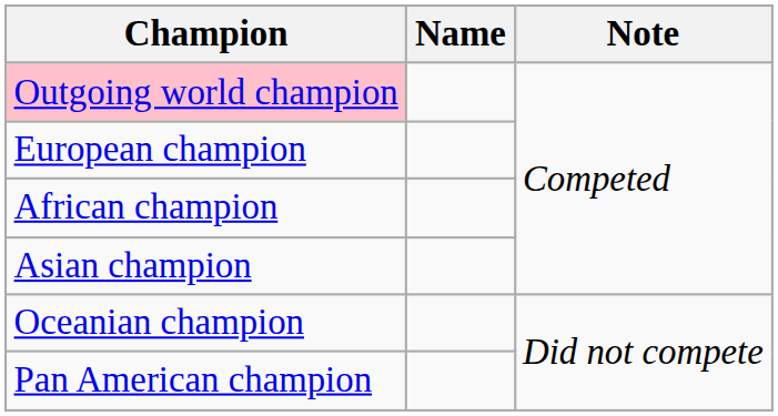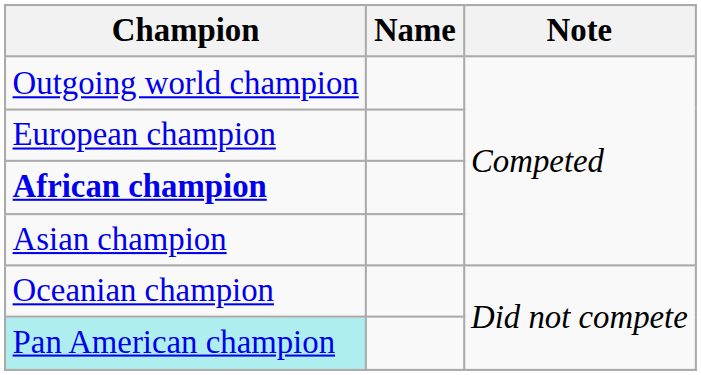 <table class="wikitable">
 <tr>
 <th>Champion</th>
 <th>Name</th>
 <th>Note</th>
 </tr>
 <tr>
-<td style="background: pink;"><a href='#'>Outgoing world champion</a></td>
+<td><a href='#'>Outgoing world champion</a></td>
 <td></td>
 <td rowspan=4><em>Competed</em></td>
 </tr>
 <tr>
 <td><a href='#'>European champion</a></td>
 <td></td>
 </tr>
 <tr>
-<td><a href='#'>African champion</a></td>
+<td><strong><a href='#'>African champion</a></strong></td>
 <td></td>
 </tr>
 <tr>
 <td><a href='#'>Asian champion</a></td>
 <td></td>
 </tr>
 <tr>
 <td><a href='#'>Oceanian champion</a></td>
 <td></td>
 <td rowspan=2><em>Did not compete</em></td>
 </tr>
 <tr>
-<td><a href='#'>Pan American champion</a></td>
+<td style="background: paleturquoise;"><a href='#'>Pan American champion</a></td>
 <td></td>
 </tr>
 </table>
